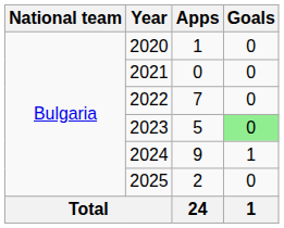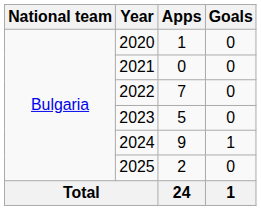 <table class="wikitable" style="text-align:center">
 <tr>
 <th>National team</th>
 <th>Year</th>
 <th>Apps</th>
 <th>Goals</th>
 </tr>
 <tr>
 <td rowspan="6"><a href='#'>Bulgaria</a></td>
 <td>2020</td>
 <td>1</td>
 <td>0</td>
 </tr>
 <tr>
 <td>2021</td>
 <td>0</td>
 <td>0</td>
 </tr>
 <tr>
 <td>2022</td>
 <td>7</td>
 <td>0</td>
 </tr>
 <tr>
 <td>2023</td>
 <td>5</td>
-<td style="background: lightgreen;">0</td>
+<td>0</td>
 </tr>
 <tr>
 <td>2024</td>
 <td>9</td>
 <td>1</td>
 </tr>
 <tr>
 <td>2025</td>
 <td>2</td>
 <td>0</td>
 </tr>
 <tr>
 <th colspan="2">Total</th>
 <th>24</th>
 <th>1</th>
 </tr>
 </table>
